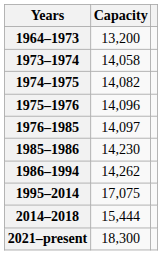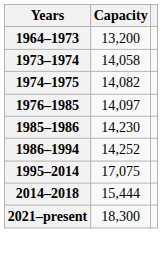 <table class="wikitable">
 <tr>
 <th scope="col">Years</th>
 <th scope="col">Capacity</th>
 <th scope="col"></th>
 </tr>
 <tr>
 <th scope="row">1964–1973</th>
 <td style="text-align:center;">13,200</td>
 <td></td>
 </tr>
 <tr>
 <th scope="row">1973–1974</th>
 <td style="text-align:center;">14,058</td>
 <td></td>
 </tr>
 <tr>
 <th scope="row">1974–1975</th>
 <td style="text-align:center;">14,082</td>
 <td></td>
 </tr>
 <tr>
-<th scope="row">1975–1976</th>
-<td style="text-align:center;">14,096</td>
-<td></td>
-</tr>
-<tr>
 <th scope="row">1976–1985</th>
 <td style="text-align:center;">14,097</td>
 <td></td>
 </tr>
 <tr>
 <th scope="row">1985–1986</th>
 <td style="text-align:center;">14,230</td>
 <td></td>
 </tr>
 <tr>
 <th scope="row">1986–1994</th>
-<td style="text-align:center;">14,262</td>
+<td style="text-align:center;">14,252</td>
 <td></td>
 </tr>
 <tr>
 <th scope="row">1995–2014</th>
 <td style="text-align:center;">17,075</td>
 <td></td>
 </tr>
 <tr>
 <th scope="row">2014–2018</th>
 <td style="text-align:center;">15,444</td>
 <td></td>
 </tr>
 <tr>
 <th scope="row">2021–present</th>
 <td style="text-align:center;">18,300</td>
 <td></td>
 </tr>
 </table>
